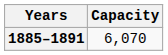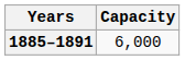 <table class="wikitable">
 <tr>
 <th scope="row">Years</th>
 <th scope="row">Capacity</th>
 </tr>
 <tr>
 <th scope="row">1885–1891</th>
-<td style="text-align:center">6,070</td>
+<td style="text-align:center">6,000</td>
 </tr>
 </table>
